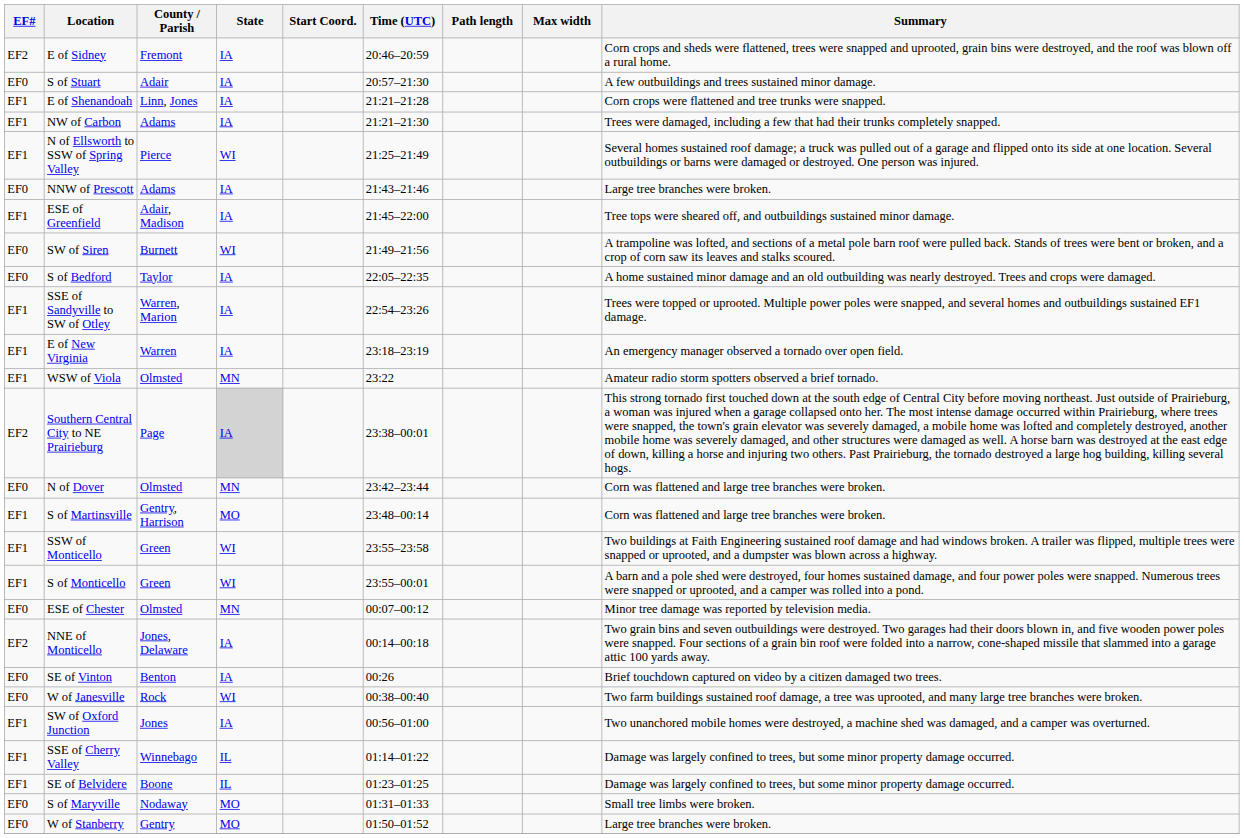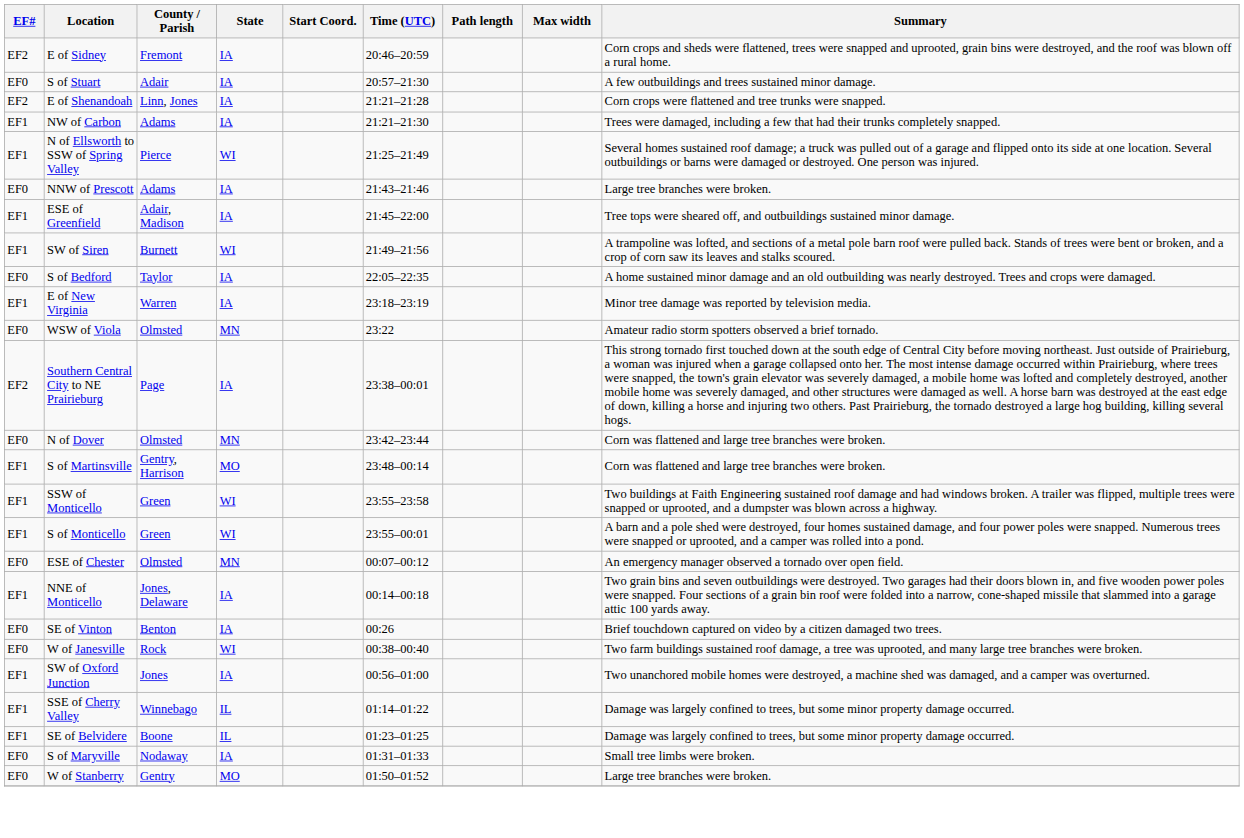 <table class="wikitable sortable" style="width:100%;">
 <tr>
 <th scope="col"  style="width:3%; text-align:center;"><a href='#'>EF#</a></th>
 <th scope="col"  style="width:7%; text-align:center;" class="unsortable">Location</th>
 <th scope="col"  style="width:6%; text-align:center;" class="unsortable">County / Parish</th>
 <th scope="col"  style="width:5%; text-align:center;">State</th>
 <th scope="col"  style="width:6%; text-align:center;">Start Coord.</th>
 <th scope="col"  style="width:6%; text-align:center;">Time (<a href='#'>UTC</a>)</th>
 <th scope="col"  style="width:6%; text-align:center;">Path length</th>
 <th scope="col"  style="width:6%; text-align:center;">Max width</th>
 <th scope="col" class="unsortable" style="width:48%; text-align:center;">Summary</th>
 </tr>
 <tr>
 <td>EF2</td>
 <td>E of <a href='#'>Sidney</a></td>
 <td><a href='#'>Fremont</a></td>
 <td><a href='#'>IA</a></td>
 <td></td>
 <td>20:46–20:59</td>
 <td></td>
 <td></td>
 <td>Corn crops and sheds were flattened, trees were snapped and uprooted, grain bins were destroyed, and the roof was blown off a rural home.</td>
 </tr>
 <tr>
 <td>EF0</td>
 <td>S of <a href='#'>Stuart</a></td>
 <td><a href='#'>Adair</a></td>
 <td><a href='#'>IA</a></td>
 <td></td>
 <td>20:57–21:30</td>
 <td></td>
 <td></td>
 <td>A few outbuildings and trees sustained minor damage.</td>
 </tr>
 <tr>
-<td>EF1</td>
+<td>EF2</td>
 <td>E of <a href='#'>Shenandoah</a></td>
 <td><a href='#'>Linn</a>, <a href='#'>Jones</a></td>
 <td><a href='#'>IA</a></td>
 <td></td>
 <td>21:21–21:28</td>
 <td></td>
 <td></td>
 <td>Corn crops were flattened and tree trunks were snapped.</td>
 </tr>
 <tr>
 <td>EF1</td>
 <td>NW of <a href='#'>Carbon</a></td>
 <td><a href='#'>Adams</a></td>
 <td><a href='#'>IA</a></td>
 <td></td>
 <td>21:21–21:30</td>
 <td></td>
 <td></td>
 <td>Trees were damaged, including a few that had their trunks completely snapped.</td>
 </tr>
 <tr>
 <td>EF1</td>
 <td>N of <a href='#'>Ellsworth</a> to SSW of <a href='#'>Spring Valley</a></td>
 <td><a href='#'>Pierce</a></td>
 <td><a href='#'>WI</a></td>
 <td></td>
 <td>21:25–21:49</td>
 <td></td>
 <td></td>
 <td>Several homes sustained roof damage; a truck was pulled out of a garage and flipped onto its side at one location. Several outbuildings or barns were damaged or destroyed. One person was injured.</td>
 </tr>
 <tr>
 <td>EF0</td>
 <td>NNW of <a href='#'>Prescott</a></td>
 <td><a href='#'>Adams</a></td>
 <td><a href='#'>IA</a></td>
 <td></td>
 <td>21:43–21:46</td>
 <td></td>
 <td></td>
 <td>Large tree branches were broken.</td>
 </tr>
 <tr>
 <td>EF1</td>
 <td>ESE of <a href='#'>Greenfield</a></td>
 <td><a href='#'>Adair</a>, <a href='#'>Madison</a></td>
 <td><a href='#'>IA</a></td>
 <td></td>
 <td>21:45–22:00</td>
 <td></td>
 <td></td>
 <td>Tree tops were sheared off, and outbuildings sustained minor damage.</td>
 </tr>
 <tr>
-<td>EF0</td>
+<td>EF1</td>
 <td>SW of <a href='#'>Siren</a></td>
 <td><a href='#'>Burnett</a></td>
 <td><a href='#'>WI</a></td>
 <td></td>
 <td>21:49–21:56</td>
 <td></td>
 <td></td>
 <td>A trampoline was lofted, and sections of a metal pole barn roof were pulled back. Stands of trees were bent or broken, and a crop of corn saw its leaves and stalks scoured.</td>
 </tr>
 <tr>
 <td>EF0</td>
 <td>S of <a href='#'>Bedford</a></td>
 <td><a href='#'>Taylor</a></td>
 <td><a href='#'>IA</a></td>
 <td></td>
 <td>22:05–22:35</td>
 <td></td>
 <td></td>
 <td>A home sustained minor damage and an old outbuilding was nearly destroyed. Trees and crops were damaged.</td>
 </tr>
 <tr>
 <td>EF1</td>
-<td>SSE of <a href='#'>Sandyville</a> to SW of <a href='#'>Otley</a></td>
-<td><a href='#'>Warren</a>, <a href='#'>Marion</a></td>
-<td><a href='#'>IA</a></td>
-<td></td>
-<td>22:54–23:26</td>
-<td></td>
-<td></td>
-<td>Trees were topped or uprooted. Multiple power poles were snapped, and several homes and outbuildings sustained EF1 damage.</td>
-</tr>
-<tr>
-<td>EF1</td>
 <td>E of <a href='#'>New Virginia</a></td>
 <td><a href='#'>Warren</a></td>
 <td><a href='#'>IA</a></td>
 <td></td>
 <td>23:18–23:19</td>
 <td></td>
 <td></td>
-<td>An emergency manager observed a tornado over open field.</td>
+<td>Minor tree damage was reported by television media.</td>
 </tr>
 <tr>
-<td>EF1</td>
+<td>EF0</td>
 <td>WSW of <a href='#'>Viola</a></td>
 <td><a href='#'>Olmsted</a></td>
 <td><a href='#'>MN</a></td>
 <td></td>
 <td>23:22</td>
 <td></td>
 <td></td>
 <td>Amateur radio storm spotters observed a brief tornado.</td>
 </tr>
 <tr>
 <td>EF2</td>
 <td><a href='#'>Southern Central City</a> to NE <a href='#'>Prairieburg</a></td>
 <td><a href='#'>Page</a></td>
-<td style="background: lightgrey;"><a href='#'>IA</a></td>
+<td><a href='#'>IA</a></td>
 <td></td>
 <td>23:38–00:01</td>
 <td></td>
 <td></td>
 <td>This strong tornado first touched down at the south edge of Central City before moving northeast. Just outside of Prairieburg, a woman was injured when a garage collapsed onto her. The most intense damage occurred within Prairieburg, where trees were snapped, the town's grain elevator was severely damaged, a mobile home was lofted and completely destroyed, another mobile home was severely damaged, and other structures were damaged as well. A horse barn was destroyed at the east edge of down, killing a horse and injuring two others. Past Prairieburg, the tornado destroyed a large hog building, killing several hogs.</td>
 </tr>
 <tr>
 <td>EF0</td>
 <td>N of <a href='#'>Dover</a></td>
 <td><a href='#'>Olmsted</a></td>
 <td><a href='#'>MN</a></td>
 <td></td>
 <td>23:42–23:44</td>
 <td></td>
 <td></td>
 <td>Corn was flattened and large tree branches were broken.</td>
 </tr>
 <tr>
 <td>EF1</td>
 <td>S of <a href='#'>Martinsville</a></td>
 <td><a href='#'>Gentry</a>, <a href='#'>Harrison</a></td>
 <td><a href='#'>MO</a></td>
 <td></td>
 <td>23:48–00:14</td>
 <td></td>
 <td></td>
 <td>Corn was flattened and large tree branches were broken.</td>
 </tr>
 <tr>
 <td>EF1</td>
 <td>SSW of <a href='#'>Monticello</a></td>
 <td><a href='#'>Green</a></td>
 <td><a href='#'>WI</a></td>
 <td></td>
 <td>23:55–23:58</td>
 <td></td>
 <td></td>
 <td>Two buildings at Faith Engineering sustained roof damage and had windows broken. A trailer was flipped, multiple trees were snapped or uprooted, and a dumpster was blown across a highway.</td>
 </tr>
 <tr>
 <td>EF1</td>
 <td>S of <a href='#'>Monticello</a></td>
 <td><a href='#'>Green</a></td>
 <td><a href='#'>WI</a></td>
 <td></td>
 <td>23:55–00:01</td>
 <td></td>
 <td></td>
 <td>A barn and a pole shed were destroyed, four homes sustained damage, and four power poles were snapped. Numerous trees were snapped or uprooted, and a camper was rolled into a pond.</td>
 </tr>
 <tr>
 <td>EF0</td>
 <td>ESE of <a href='#'>Chester</a></td>
 <td><a href='#'>Olmsted</a></td>
 <td><a href='#'>MN</a></td>
 <td></td>
 <td>00:07–00:12</td>
 <td></td>
 <td></td>
-<td>Minor tree damage was reported by television media.</td>
+<td>An emergency manager observed a tornado over open field.</td>
 </tr>
 <tr>
-<td>EF2</td>
+<td>EF1</td>
 <td>NNE of <a href='#'>Monticello</a></td>
 <td><a href='#'>Jones</a>, <a href='#'>Delaware</a></td>
 <td><a href='#'>IA</a></td>
 <td></td>
 <td>00:14–00:18</td>
 <td></td>
 <td></td>
 <td>Two grain bins and seven outbuildings were destroyed. Two garages had their doors blown in, and five wooden power poles were snapped. Four sections of a grain bin roof were folded into a narrow, cone-shaped missile that slammed into a garage attic 100 yards away.</td>
 </tr>
 <tr>
 <td>EF0</td>
 <td>SE of <a href='#'>Vinton</a></td>
 <td><a href='#'>Benton</a></td>
 <td><a href='#'>IA</a></td>
 <td></td>
 <td>00:26</td>
 <td></td>
 <td></td>
 <td>Brief touchdown captured on video by a citizen damaged two trees.</td>
 </tr>
 <tr>
 <td>EF0</td>
 <td>W of <a href='#'>Janesville</a></td>
 <td><a href='#'>Rock</a></td>
 <td><a href='#'>WI</a></td>
 <td></td>
 <td>00:38–00:40</td>
 <td></td>
 <td></td>
 <td>Two farm buildings sustained roof damage, a tree was uprooted, and many large tree branches were broken.</td>
 </tr>
 <tr>
 <td>EF1</td>
 <td>SW of <a href='#'>Oxford Junction</a></td>
 <td><a href='#'>Jones</a></td>
 <td><a href='#'>IA</a></td>
 <td></td>
 <td>00:56–01:00</td>
 <td></td>
 <td></td>
 <td>Two unanchored mobile homes were destroyed, a machine shed was damaged, and a camper was overturned.</td>
 </tr>
 <tr>
 <td>EF1</td>
 <td>SSE of <a href='#'>Cherry Valley</a></td>
 <td><a href='#'>Winnebago</a></td>
 <td><a href='#'>IL</a></td>
 <td></td>
 <td>01:14–01:22</td>
 <td></td>
 <td></td>
 <td>Damage was largely confined to trees, but some minor property damage occurred.</td>
 </tr>
 <tr>
 <td>EF1</td>
 <td>SE of <a href='#'>Belvidere</a></td>
 <td><a href='#'>Boone</a></td>
 <td><a href='#'>IL</a></td>
 <td></td>
 <td>01:23–01:25</td>
 <td></td>
 <td></td>
 <td>Damage was largely confined to trees, but some minor property damage occurred.</td>
 </tr>
 <tr>
 <td>EF0</td>
 <td>S of <a href='#'>Maryville</a></td>
 <td><a href='#'>Nodaway</a></td>
-<td><a href='#'>MO</a></td>
+<td><a href='#'>IA</a></td>
 <td></td>
 <td>01:31–01:33</td>
 <td></td>
 <td></td>
 <td>Small tree limbs were broken.</td>
 </tr>
 <tr>
 <td>EF0</td>
 <td>W of <a href='#'>Stanberry</a></td>
 <td><a href='#'>Gentry</a></td>
 <td><a href='#'>MO</a></td>
 <td></td>
 <td>01:50–01:52</td>
 <td></td>
 <td></td>
 <td>Large tree branches were broken.</td>
 </tr>
 <tr>
 </tr>
 </table>
